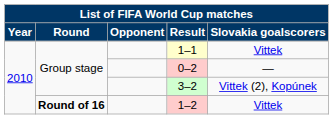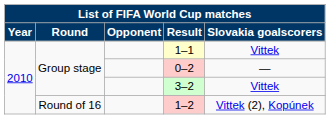 <table class="wikitable collapsible collapsed" style="text-align: center;font-size:90%;">
 <tr>
 <th colspan=5 style="background:#003665; color:white; ">List of FIFA World Cup matches</th>
 </tr>
 <tr>
 <th style="background:#003665; color:white; ">Year</th>
 <th style="background:#003665; color:white; ">Round</th>
 <th style="background:#003665; color:white; ">Opponent</th>
 <th style="background:#003665; color:white; ">Result</th>
 <th style="background:#003665; color:white; ">Slovakia goalscorers</th>
 </tr>
 <tr>
 <td rowspan=4><a href='#'>2010</a></td>
 <td rowspan=3>Group stage</td>
 <td align=left></td>
 <td bgcolor=#FFFFCC>1–1</td>
 <td><a href='#'>Vittek</a></td>
 </tr>
 <tr>
 <td align=left></td>
 <td bgcolor=#FFCCCC>0–2</td>
 <td>—</td>
 </tr>
 <tr>
 <td align=left></td>
 <td bgcolor="#d0ffd0">3–2</td>
+<td><a href='#'>Vittek</a></td>
+</tr>
+<tr>
+<td>Round of 16</td>
+<td align=left></td>
+<td bgcolor=#FFCCCC>1–2</td>
 <td><a href='#'>Vittek</a> (2), <a href='#'>Kopúnek</a></td>
 </tr>
-<tr>
-<td><strong>Round of 16</strong></td>
-<td align=left></td>
-<td bgcolor=#FFCCCC>1–2</td>
-<td><a href='#'>Vittek</a></td>
-</tr>
 </table>
